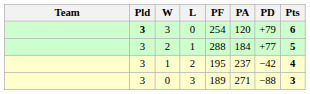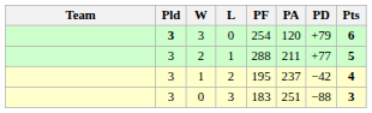 <table class=wikitable style="text-align:center">
 <tr>
 <th width=180>Team</th>
 <th width=30>Pld</th>
 <th width=30>W</th>
 <th width=30>L</th>
 <th width=30>PF</th>
 <th width=30>PA</th>
 <th width=30>PD</th>
 <th width=30>Pts</th>
 </tr>
 <tr bgcolor="#ccffcc">
 <td align="left"></td>
 <td><strong>3</strong></td>
 <td>3</td>
 <td>0</td>
 <td>254</td>
 <td>120</td>
 <td>+79</td>
 <td><strong>6</strong></td>
 </tr>
 <tr bgcolor="#ccffcc">
 <td align="left"></td>
 <td>3</td>
 <td>2</td>
 <td>1</td>
 <td>288</td>
-<td>184</td>
+<td>211</td>
 <td>+77</td>
 <td><strong>5</strong></td>
 </tr>
 <tr bgcolor="ffffcc">
 <td align="left"></td>
 <td>3</td>
 <td>1</td>
 <td>2</td>
 <td>195</td>
 <td>237</td>
 <td>−42</td>
 <td><strong>4</strong></td>
 </tr>
 <tr bgcolor="ffffcc">
 <td align="left"></td>
 <td>3</td>
 <td>0</td>
 <td>3</td>
-<td>189</td>
-<td>271</td>
+<td>183</td>
+<td>251</td>
 <td>−88</td>
 <td><strong>3</strong></td>
 </tr>
 </table>
